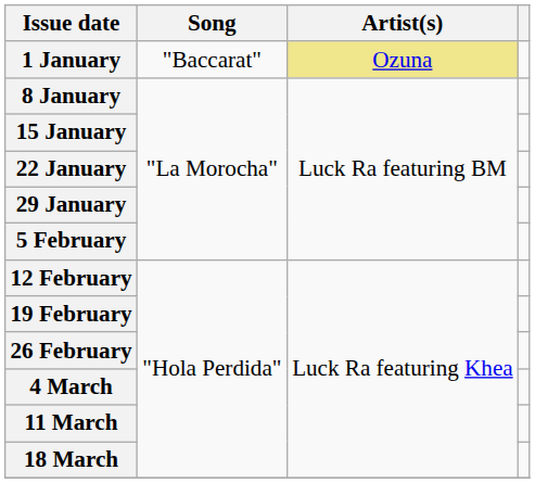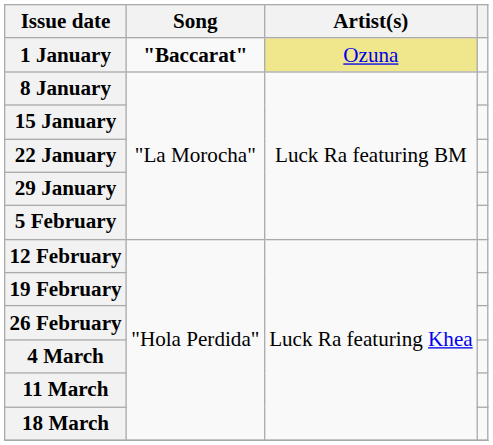 <table class="wikitable plainrowheaders" style="text-align: center">
 <tr>
 <th scope="col">Issue date</th>
 <th scope="col">Song</th>
 <th scope="col">Artist(s)</th>
 <th scope="col"></th>
 </tr>
 <tr>
 <th scope="row">1 January</th>
-<td>"Baccarat"</td>
+<td><strong>"Baccarat"</strong></td>
 <td style="background: khaki;"><a href='#'>Ozuna</a></td>
 <td></td>
 </tr>
 <tr>
 <th scope="row">8 January</th>
 <td rowspan="5">"La Morocha"</td>
 <td rowspan="5">Luck Ra featuring BM</td>
 <td></td>
 </tr>
 <tr>
 <th scope="row">15 January</th>
 <td></td>
 </tr>
 <tr>
 <th scope="row">22 January</th>
 <td></td>
 </tr>
 <tr>
 <th scope="row">29 January</th>
 <td></td>
 </tr>
 <tr>
 <th scope="row">5 February</th>
 <td></td>
 </tr>
 <tr>
 <th scope="row">12 February</th>
 <td rowspan="6">"Hola Perdida"</td>
 <td rowspan="6">Luck Ra featuring <a href='#'>Khea</a></td>
 <td></td>
 </tr>
 <tr>
 <th scope="row">19 February</th>
 <td></td>
 </tr>
 <tr>
 <th scope="row">26 February</th>
 <td></td>
 </tr>
 <tr>
 <th scope="row">4 March</th>
 <td></td>
 </tr>
 <tr>
 <th scope="row">11 March</th>
 <td></td>
 </tr>
 <tr>
 <th scope="row">18 March</th>
 <td></td>
 </tr>
 <tr>
 </tr>
 </table>
